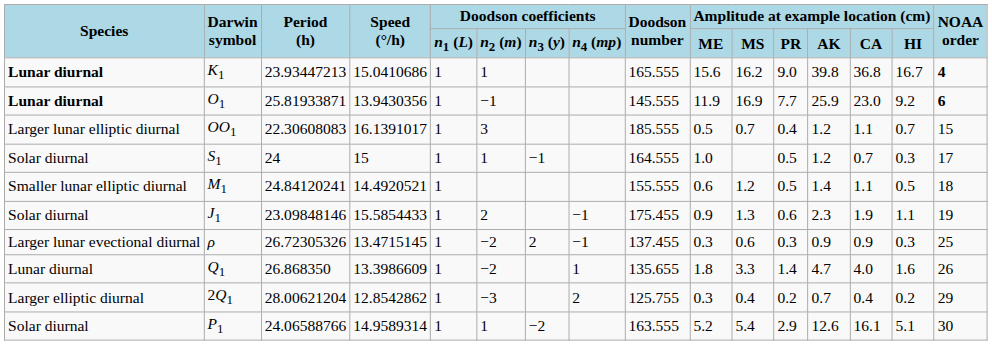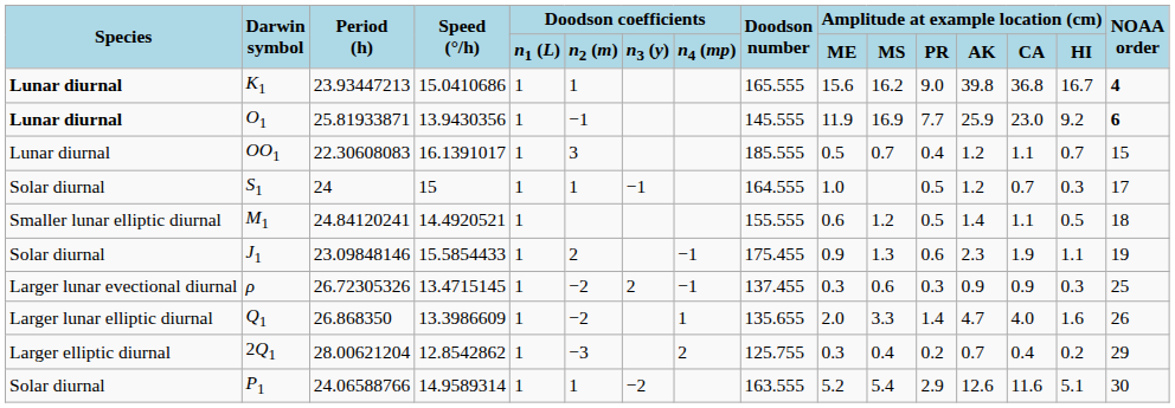 <table class="wikitable" border:1; cellpadding:0; cellspacing:0; style="vertical-align:top; align:left;">
 <tr>
 <th rowspan="2" style="background-color:lightblue;">Species</th>
 <th rowspan="2" style="background-color:lightblue;">Darwin <br>symbol</th>
 <th rowspan="2" style="background-color:lightblue;">Period <br>(h)</th>
 <th rowspan="2" style="background-color:lightblue;">Speed <br>(°/h)</th>
 <th colspan="4" style="background-color:lightblue;">Doodson coefficients</th>
 <th rowspan="2" style="background-color:lightblue;">Doodson <br>number</th>
 <th colspan="6" style="background-color:lightblue;">Amplitude at example location (cm)</th>
 <th rowspan="2" style="background-color:lightblue;">NOAA <br>order</th>
 </tr>
 <tr>
 <th style="background-color:lightblue;"><em>n</em><sub>1</sub> (<em>L</em>)</th>
 <th style="background-color:lightblue;"><em>n</em><sub>2</sub> (<em>m</em>)</th>
 <th style="background-color:lightblue;"><em>n</em><sub>3</sub> (<em>y</em>)</th>
 <th style="background-color:lightblue;"><em>n</em><sub>4</sub> (<em>mp</em>)</th>
 <th style="background-color:lightblue;">ME</th>
 <th style="background-color:lightblue;">MS</th>
 <th style="background-color:lightblue;">PR</th>
 <th style="background-color:lightblue;">AK</th>
 <th style="background-color:lightblue;">CA</th>
 <th style="background-color:lightblue;">HI</th>
 </tr>
 <tr>
 <td><strong>Lunar diurnal </strong></td>
 <td><em>K</em><sub>1</sub></td>
 <td>23.93447213</td>
 <td>15.0410686</td>
 <td>1</td>
 <td>1</td>
 <td></td>
 <td></td>
 <td>165.555</td>
 <td>15.6</td>
 <td>16.2</td>
 <td>9.0</td>
 <td>39.8</td>
 <td>36.8</td>
 <td>16.7</td>
 <td><strong>4</strong></td>
 </tr>
 <tr>
 <td><strong>Lunar diurnal </strong></td>
 <td><em>O</em><sub>1</sub></td>
 <td>25.81933871</td>
 <td>13.9430356</td>
 <td>1</td>
 <td>−1</td>
 <td></td>
 <td></td>
 <td>145.555</td>
 <td>11.9</td>
 <td>16.9</td>
 <td>7.7</td>
 <td>25.9</td>
 <td>23.0</td>
 <td>9.2</td>
 <td><strong>6</strong></td>
 </tr>
 <tr>
-<td>Larger lunar elliptic diurnal</td>
+<td>Lunar diurnal</td>
 <td><em>OO</em><sub>1</sub></td>
 <td>22.30608083</td>
 <td>16.1391017</td>
 <td>1</td>
 <td>3</td>
 <td></td>
 <td></td>
 <td>185.555</td>
 <td>0.5</td>
 <td>0.7</td>
 <td>0.4</td>
 <td>1.2</td>
 <td>1.1</td>
 <td>0.7</td>
 <td>15</td>
 </tr>
 <tr>
 <td>Solar diurnal</td>
 <td><em>S</em><sub>1</sub></td>
 <td>24</td>
 <td>15</td>
 <td>1</td>
 <td>1</td>
 <td>−1</td>
 <td></td>
 <td>164.555</td>
 <td>1.0</td>
 <td></td>
 <td>0.5</td>
 <td>1.2</td>
 <td>0.7</td>
 <td>0.3</td>
 <td>17</td>
 </tr>
 <tr>
 <td>Smaller lunar elliptic diurnal</td>
 <td><em>M</em><sub>1</sub></td>
 <td>24.84120241</td>
 <td>14.4920521</td>
 <td>1</td>
 <td></td>
 <td></td>
 <td></td>
 <td>155.555</td>
 <td>0.6</td>
 <td>1.2</td>
 <td>0.5</td>
 <td>1.4</td>
 <td>1.1</td>
 <td>0.5</td>
 <td>18</td>
 </tr>
 <tr>
 <td>Solar diurnal</td>
 <td><em>J</em><sub>1</sub></td>
 <td>23.09848146</td>
 <td>15.5854433</td>
 <td>1</td>
 <td>2</td>
 <td></td>
 <td>−1</td>
 <td>175.455</td>
 <td>0.9</td>
 <td>1.3</td>
 <td>0.6</td>
 <td>2.3</td>
 <td>1.9</td>
 <td>1.1</td>
 <td>19</td>
 </tr>
 <tr>
 <td>Larger lunar evectional diurnal</td>
 <td><em>ρ</em></td>
 <td>26.72305326</td>
 <td>13.4715145</td>
 <td>1</td>
 <td>−2</td>
 <td>2</td>
 <td>−1</td>
 <td>137.455</td>
 <td>0.3</td>
 <td>0.6</td>
 <td>0.3</td>
 <td>0.9</td>
 <td>0.9</td>
 <td>0.3</td>
 <td>25</td>
 </tr>
 <tr>
-<td>Lunar diurnal</td>
+<td>Larger lunar elliptic diurnal</td>
 <td><em>Q</em><sub>1</sub></td>
 <td>26.868350</td>
 <td>13.3986609</td>
 <td>1</td>
 <td>−2</td>
 <td></td>
 <td>1</td>
 <td>135.655</td>
-<td>1.8</td>
+<td>2.0</td>
 <td>3.3</td>
 <td>1.4</td>
 <td>4.7</td>
 <td>4.0</td>
 <td>1.6</td>
 <td>26</td>
 </tr>
 <tr>
 <td>Larger elliptic diurnal</td>
 <td>2<em>Q</em><sub>1</sub></td>
 <td>28.00621204</td>
 <td>12.8542862</td>
 <td>1</td>
 <td>−3</td>
 <td></td>
 <td>2</td>
 <td>125.755</td>
 <td>0.3</td>
 <td>0.4</td>
 <td>0.2</td>
 <td>0.7</td>
 <td>0.4</td>
 <td>0.2</td>
 <td>29</td>
 </tr>
 <tr>
 <td>Solar diurnal</td>
 <td><em>P</em><sub>1</sub></td>
 <td>24.06588766</td>
 <td>14.9589314</td>
 <td>1</td>
 <td>1</td>
 <td>−2</td>
 <td></td>
 <td>163.555</td>
 <td>5.2</td>
 <td>5.4</td>
 <td>2.9</td>
 <td>12.6</td>
-<td>16.1</td>
+<td>11.6</td>
 <td>5.1</td>
 <td>30</td>
 </tr>
 </table>
